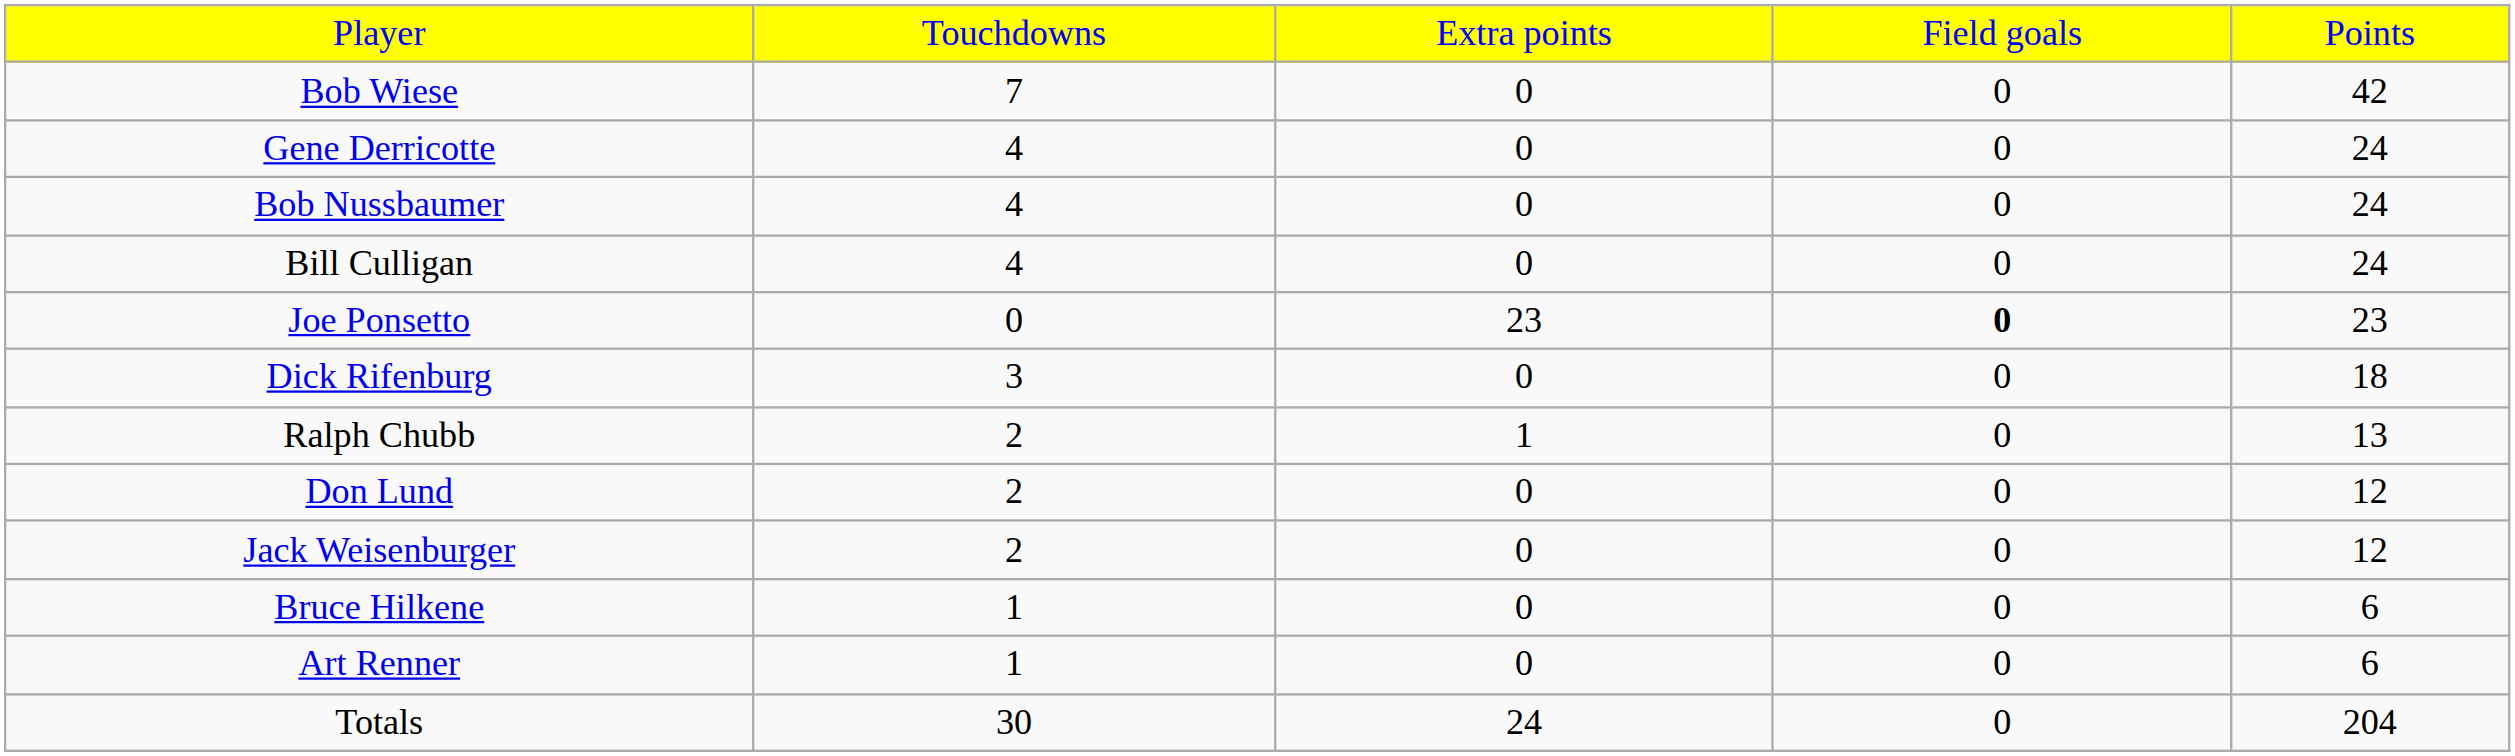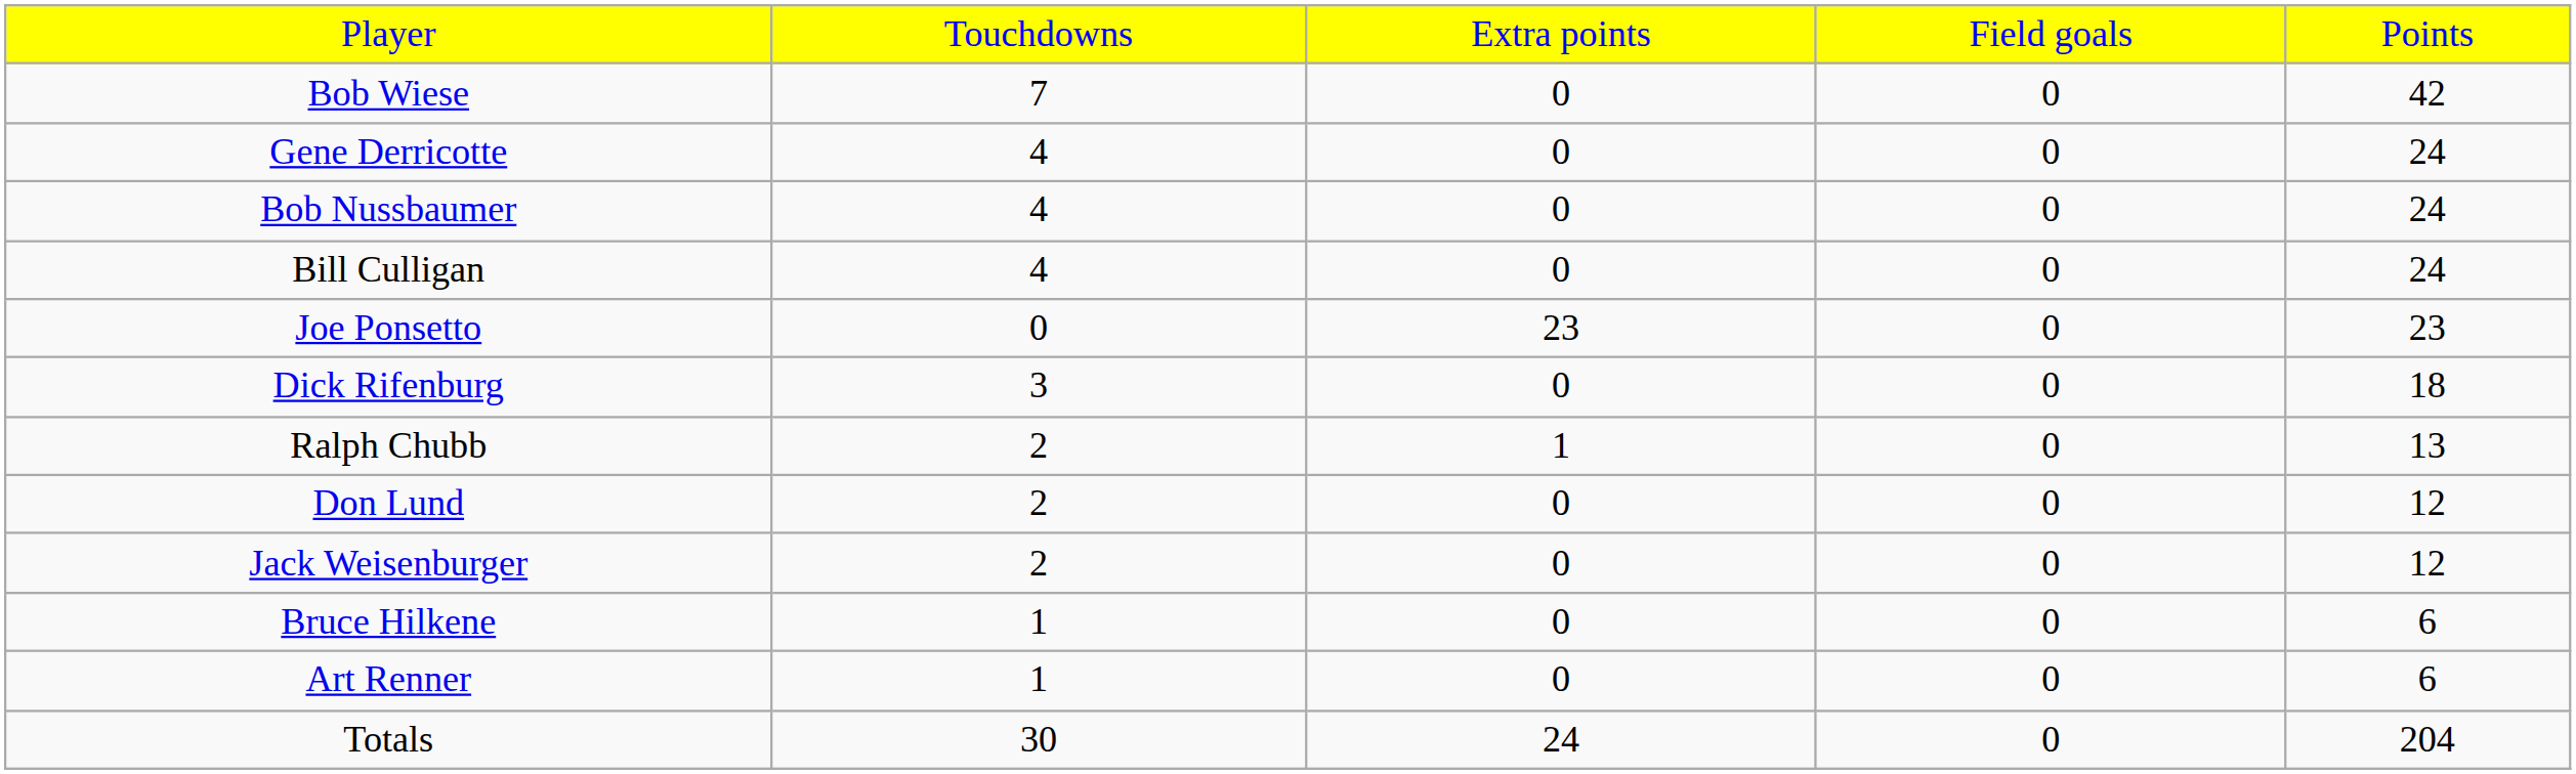 <table class="wikitable" width="70%">
 <tr align="center"  style="background:yellow;color:blue;">
 <td>Player</td>
 <td>Touchdowns</td>
 <td>Extra points</td>
 <td>Field goals</td>
 <td>Points</td>
 </tr>
 <tr align="center" bgcolor="">
 <td><a href='#'>Bob Wiese</a></td>
 <td>7</td>
 <td>0</td>
 <td>0</td>
 <td>42</td>
 </tr>
 <tr align="center" bgcolor="">
 <td><a href='#'>Gene Derricotte</a></td>
 <td>4</td>
 <td>0</td>
 <td>0</td>
 <td>24</td>
 </tr>
 <tr align="center">
 <td><a href='#'>Bob Nussbaumer</a></td>
 <td>4</td>
 <td>0</td>
 <td>0</td>
 <td>24</td>
 </tr>
 <tr align="center" bgcolor="">
 <td>Bill Culligan</td>
 <td>4</td>
 <td>0</td>
 <td>0</td>
 <td>24</td>
 </tr>
 <tr align="center" bgcolor="">
 <td><a href='#'>Joe Ponsetto</a></td>
 <td>0</td>
 <td>23</td>
-<td><strong>0</strong></td>
+<td>0</td>
 <td>23</td>
 </tr>
 <tr align="center" bgcolor="">
 <td><a href='#'>Dick Rifenburg</a></td>
 <td>3</td>
 <td>0</td>
 <td>0</td>
 <td>18</td>
 </tr>
 <tr align="center" bgcolor="">
 <td>Ralph Chubb</td>
 <td>2</td>
 <td>1</td>
 <td>0</td>
 <td>13</td>
 </tr>
 <tr align="center" bgcolor="">
 <td><a href='#'>Don Lund</a></td>
 <td>2</td>
 <td>0</td>
 <td>0</td>
 <td>12</td>
 </tr>
 <tr align="center" bgcolor="">
 <td><a href='#'>Jack Weisenburger</a></td>
 <td>2</td>
 <td>0</td>
 <td>0</td>
 <td>12</td>
 </tr>
 <tr align="center" bgcolor="">
 <td><a href='#'>Bruce Hilkene</a></td>
 <td>1</td>
 <td>0</td>
 <td>0</td>
 <td>6</td>
 </tr>
 <tr align="center" bgcolor="">
 <td><a href='#'>Art Renner</a></td>
 <td>1</td>
 <td>0</td>
 <td>0</td>
 <td>6</td>
 </tr>
 <tr align="center" bgcolor="">
 <td>Totals</td>
 <td>30</td>
 <td>24</td>
 <td>0</td>
 <td>204</td>
 </tr>
 <tr align="center" bgcolor="">
 </tr>
 </table>
